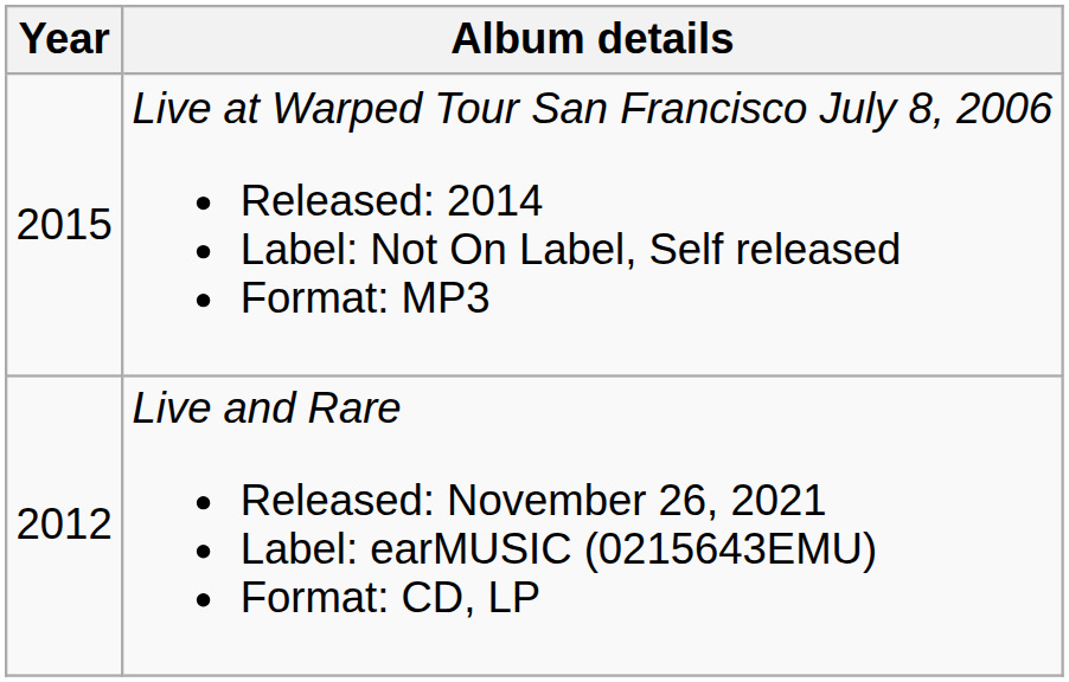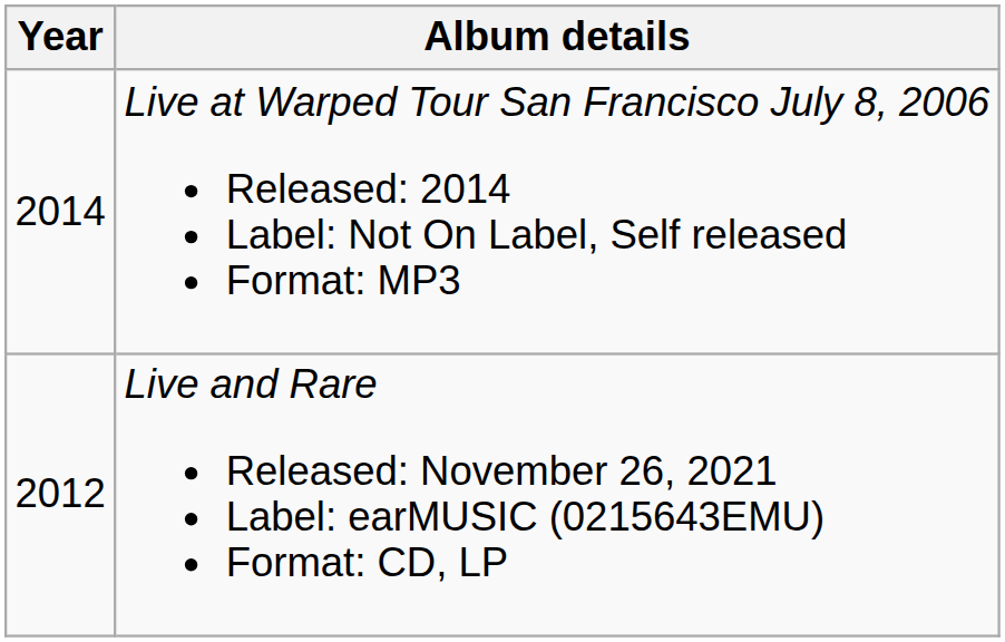 <table class ="wikitable">
 <tr>
 <th scope="col">Year</th>
 <th scope="col">Album details</th>
 </tr>
 <tr>
-<td>2015</td>
+<td>2014</td>
 <td><em>Live at Warped Tour San Francisco July 8, 2006</em><br><ul><li>Released: 2014</li><li>Label: Not On Label, Self released</li><li>Format: MP3</li></ul></td>
 </tr>
 <tr>
 <td>2012</td>
 <td><em>Live and Rare</em><br><ul><li>Released: November 26, 2021</li><li>Label: earMUSIC (0215643EMU)</li><li>Format: CD, LP</li></ul></td>
 </tr>
 </table>
